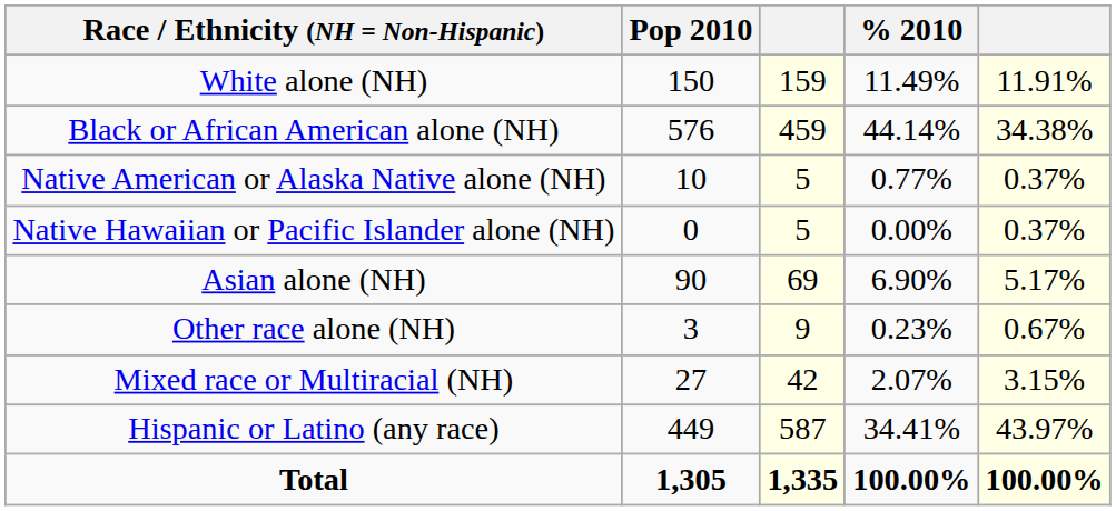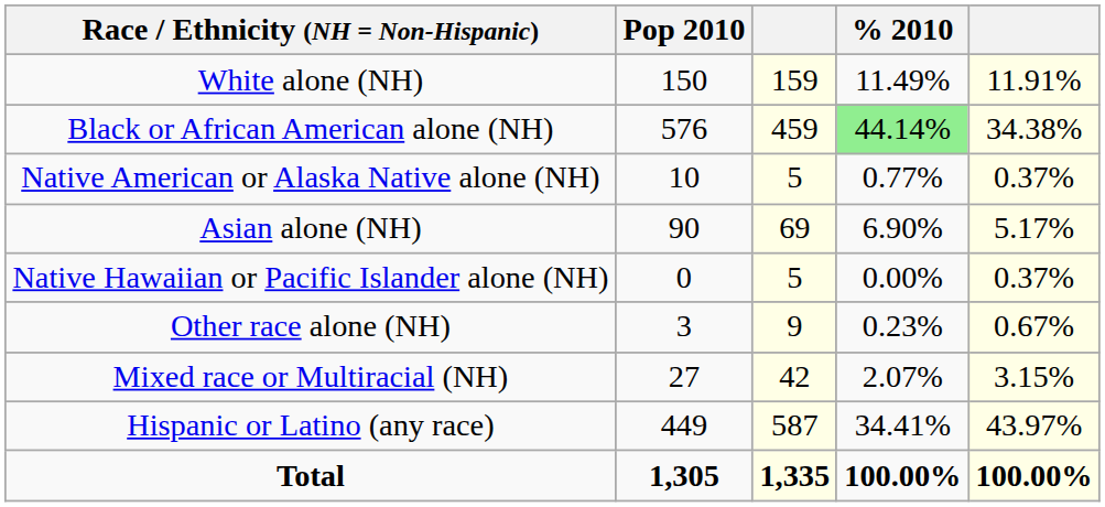 <table class="wikitable" style="text-align:center;">
 <tr>
 <th>Race / Ethnicity <small>(<em>NH = Non-Hispanic</em>)</small></th>
 <th>Pop 2010</th>
 <th></th>
 <th>% 2010</th>
 <th></th>
 </tr>
 <tr>
 <td><a href='#'>White</a> alone (NH)</td>
 <td>150</td>
 <td style='background: #ffffe6;'>159</td>
 <td>11.49%</td>
 <td style='background: #ffffe6;'>11.91%</td>
 </tr>
 <tr>
 <td><a href='#'>Black or African American</a> alone (NH)</td>
 <td>576</td>
 <td style='background: #ffffe6;'>459</td>
-<td>44.14%</td>
+<td style="background: lightgreen;">44.14%</td>
 <td style='background: #ffffe6;'>34.38%</td>
 </tr>
 <tr>
 <td><a href='#'>Native American</a> or <a href='#'>Alaska Native</a> alone (NH)</td>
 <td>10</td>
 <td style='background: #ffffe6;'>5</td>
 <td>0.77%</td>
 <td style='background: #ffffe6;'>0.37%</td>
 </tr>
 <tr>
+<td><a href='#'>Asian</a> alone (NH)</td>
+<td>90</td>
+<td style='background: #ffffe6;'>69</td>
+<td>6.90%</td>
+<td style='background: #ffffe6;'>5.17%</td>
+</tr>
+<tr>
 <td><a href='#'>Native Hawaiian</a> or <a href='#'>Pacific Islander</a> alone (NH)</td>
 <td>0</td>
 <td style='background: #ffffe6;'>5</td>
 <td>0.00%</td>
 <td style='background: #ffffe6;'>0.37%</td>
-</tr>
-<tr>
-<td><a href='#'>Asian</a> alone (NH)</td>
-<td>90</td>
-<td style='background: #ffffe6;'>69</td>
-<td>6.90%</td>
-<td style='background: #ffffe6;'>5.17%</td>
 </tr>
 <tr>
 <td><a href='#'>Other race</a> alone (NH)</td>
 <td>3</td>
 <td style='background: #ffffe6;'>9</td>
 <td>0.23%</td>
 <td style='background: #ffffe6;'>0.67%</td>
 </tr>
 <tr>
 <td><a href='#'>Mixed race or Multiracial</a> (NH)</td>
 <td>27</td>
 <td style='background: #ffffe6;'>42</td>
 <td>2.07%</td>
 <td style='background: #ffffe6;'>3.15%</td>
 </tr>
 <tr>
 <td><a href='#'>Hispanic or Latino</a> (any race)</td>
 <td>449</td>
 <td style='background: #ffffe6;'>587</td>
 <td>34.41%</td>
 <td style='background: #ffffe6;'>43.97%</td>
 </tr>
 <tr>
 <td><strong>Total</strong></td>
 <td><strong>1,305</strong></td>
 <td style='background: #ffffe6;'><strong>1,335</strong></td>
 <td><strong>100.00%</strong></td>
 <td style='background: #ffffe6;'><strong>100.00%</strong></td>
 </tr>
 </table>
